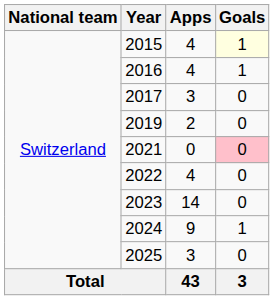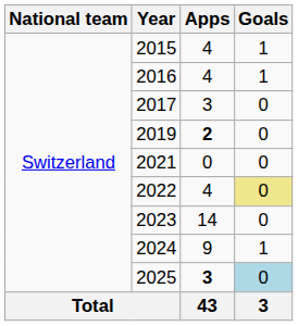 <table class="wikitable" style="text-align:center">
 <tr>
 <th>National team</th>
 <th>Year</th>
 <th>Apps</th>
 <th>Goals</th>
 </tr>
 <tr>
 <td rowspan="9"><a href='#'>Switzerland</a></td>
 <td>2015</td>
 <td>4</td>
-<td style="background: lightyellow;">1</td>
+<td>1</td>
 </tr>
 <tr>
 <td>2016</td>
 <td>4</td>
 <td>1</td>
 </tr>
 <tr>
 <td>2017</td>
 <td>3</td>
 <td>0</td>
 </tr>
 <tr>
 <td>2019</td>
-<td>2</td>
+<td><strong>2</strong></td>
 <td>0</td>
 </tr>
 <tr>
 <td>2021</td>
 <td>0</td>
-<td style="background: pink;">0</td>
+<td>0</td>
 </tr>
 <tr>
 <td>2022</td>
 <td>4</td>
-<td>0</td>
+<td style="background: khaki;">0</td>
 </tr>
 <tr>
 <td>2023</td>
 <td>14</td>
 <td>0</td>
 </tr>
 <tr>
 <td>2024</td>
 <td>9</td>
 <td>1</td>
 </tr>
 <tr>
 <td>2025</td>
-<td>3</td>
-<td>0</td>
+<td><strong>3</strong></td>
+<td style="background: lightblue;">0</td>
 </tr>
 <tr>
 <th colspan="2">Total</th>
 <th>43</th>
 <th>3</th>
 </tr>
 </table>
